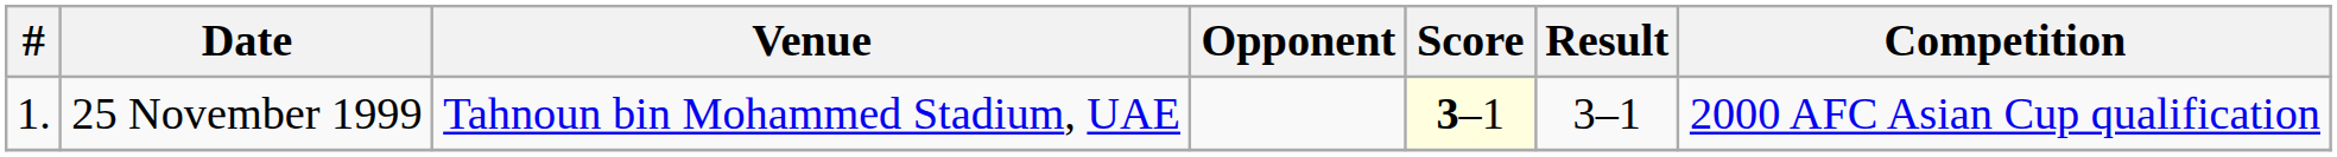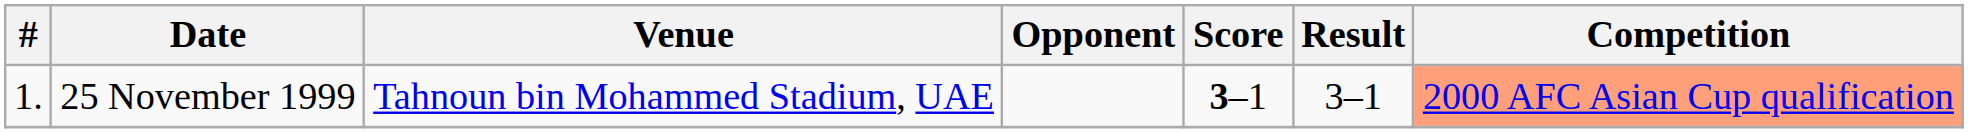 <table class="wikitable">
 <tr>
 <th>#</th>
 <th>Date</th>
 <th>Venue</th>
 <th>Opponent</th>
 <th>Score</th>
 <th>Result</th>
 <th>Competition</th>
 </tr>
 <tr>
 <td>1.</td>
 <td>25 November 1999</td>
 <td><a href='#'>Tahnoun bin Mohammed Stadium</a>, <a href='#'>UAE</a></td>
 <td></td>
-<td style="background: lightyellow; text-align:center;"><strong>3</strong>–1</td>
+<td style="text-align:center;"><strong>3</strong>–1</td>
 <td style="text-align:center;">3–1</td>
-<td><a href='#'>2000 AFC Asian Cup qualification</a></td>
+<td style="background: lightsalmon;"><a href='#'>2000 AFC Asian Cup qualification</a></td>
 </tr>
 <tr>
 </tr>
 </table>
